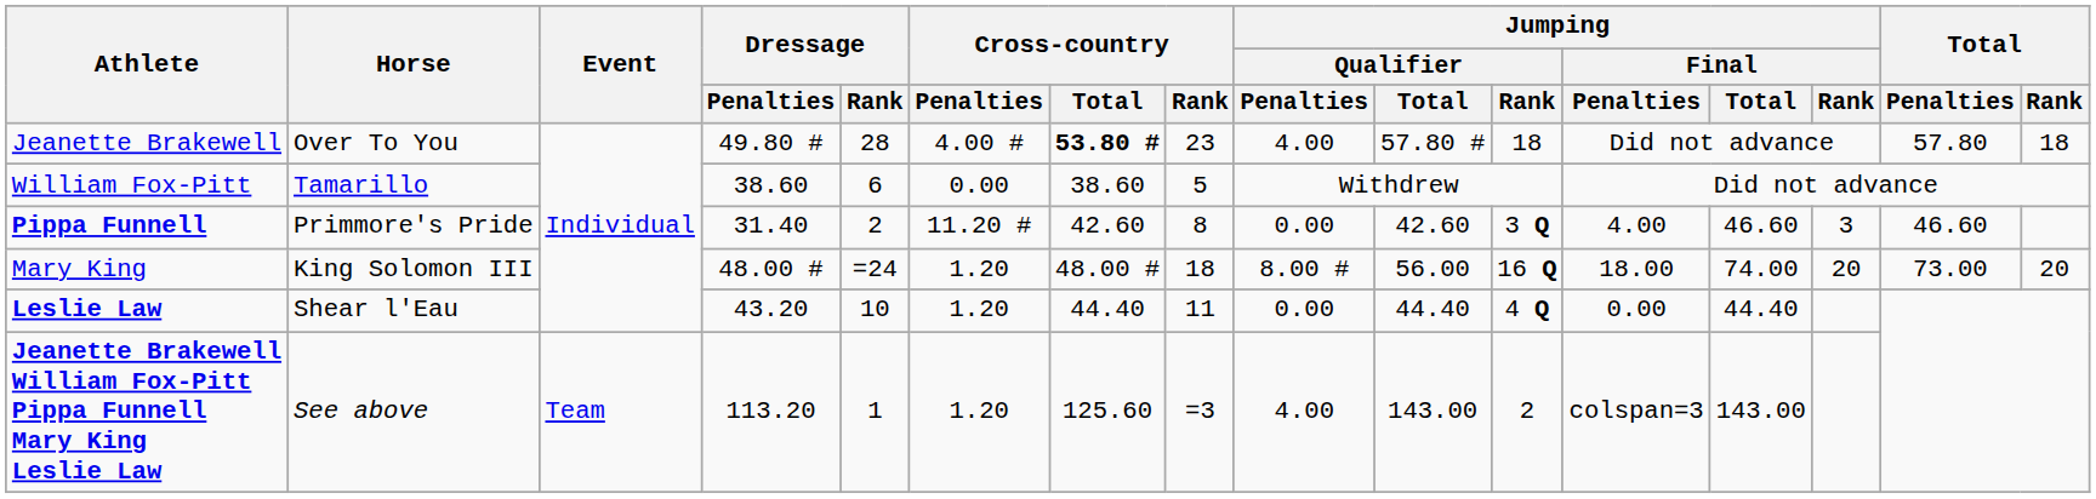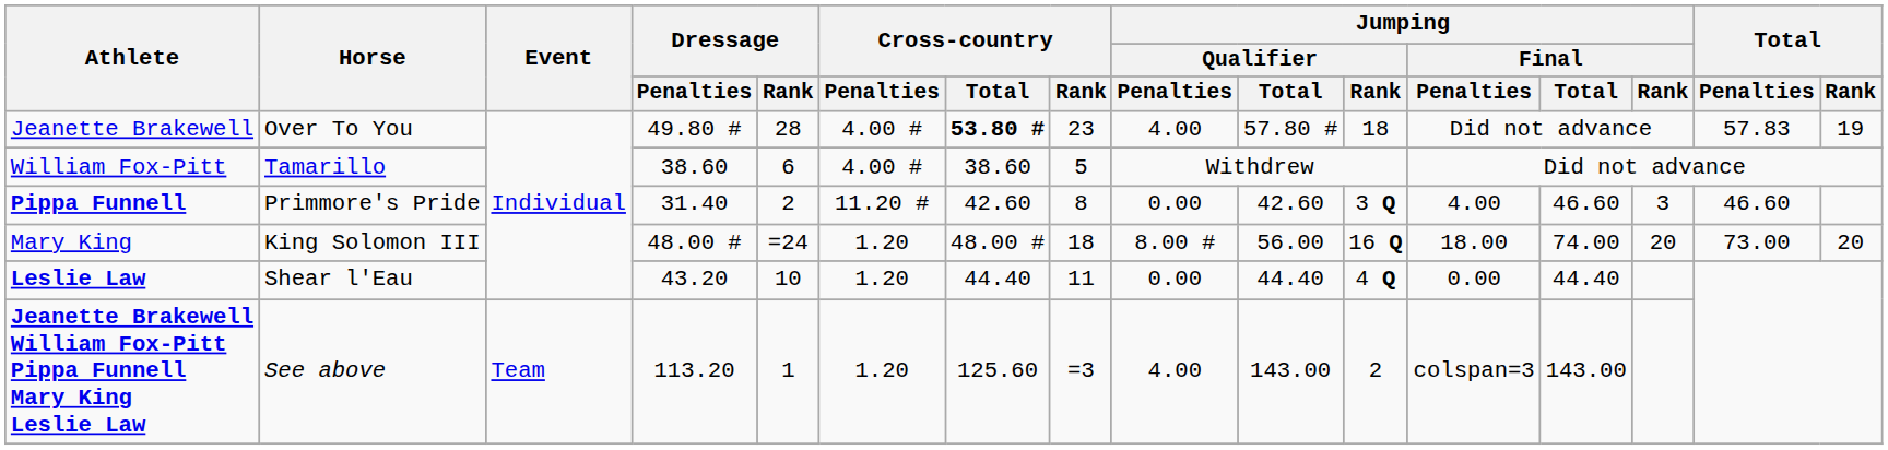 <table class=wikitable style="font-size:90%">
 <tr>
 <th rowspan="3">Athlete</th>
 <th rowspan="3">Horse</th>
 <th rowspan="3">Event</th>
 <th colspan="2" rowspan="2">Dressage</th>
 <th colspan="3" rowspan="2">Cross-country</th>
 <th colspan="6">Jumping</th>
 <th colspan="2" rowspan="2">Total</th>
 </tr>
 <tr style="font-size:95%">
 <th colspan="3">Qualifier</th>
 <th colspan="3">Final</th>
 </tr>
 <tr style="font-size:95%">
 <th>Penalties</th>
 <th>Rank</th>
 <th>Penalties</th>
 <th>Total</th>
 <th>Rank</th>
 <th>Penalties</th>
 <th>Total</th>
 <th>Rank</th>
 <th>Penalties</th>
 <th>Total</th>
 <th>Rank</th>
 <th>Penalties</th>
 <th>Rank</th>
 </tr>
 <tr align=center>
 <td align=left><a href='#'>Jeanette Brakewell</a></td>
 <td align=left>Over To You</td>
 <td align=left rowspan=5><a href='#'>Individual</a></td>
 <td>49.80 #</td>
 <td>28</td>
 <td>4.00 #</td>
 <td><strong>53.80 #</strong></td>
 <td>23</td>
 <td>4.00</td>
 <td>57.80 #</td>
 <td>18</td>
 <td colspan=3>Did not advance</td>
-<td>57.80</td>
-<td>18</td>
+<td>57.83</td>
+<td>19</td>
 </tr>
 <tr align=center>
 <td align=left><a href='#'>William Fox-Pitt</a></td>
 <td align=left><a href='#'>Tamarillo</a></td>
 <td>38.60</td>
 <td>6</td>
-<td>0.00</td>
+<td>4.00 #</td>
 <td>38.60</td>
 <td>5</td>
 <td colspan=3>Withdrew</td>
 <td colspan=5>Did not advance</td>
 </tr>
 <tr align=center>
 <td align=left><strong><a href='#'>Pippa Funnell</a></strong></td>
 <td align=left>Primmore's Pride</td>
 <td>31.40</td>
 <td>2</td>
 <td>11.20 #</td>
 <td>42.60</td>
 <td>8</td>
 <td>0.00</td>
 <td>42.60</td>
 <td>3 <strong>Q</strong></td>
 <td>4.00</td>
 <td>46.60</td>
 <td>3</td>
 <td>46.60</td>
 <td></td>
 </tr>
 <tr align=center>
 <td align=left><a href='#'>Mary King</a></td>
 <td align=left>King Solomon III</td>
 <td>48.00 #</td>
 <td>=24</td>
 <td>1.20</td>
 <td>48.00 #</td>
 <td>18</td>
 <td>8.00 #</td>
 <td>56.00</td>
 <td>16 <strong>Q</strong></td>
 <td>18.00</td>
 <td>74.00</td>
 <td>20</td>
 <td>73.00</td>
 <td>20</td>
 </tr>
 <tr align=center>
 <td align=left><strong><a href='#'>Leslie Law</a></strong></td>
 <td align=left>Shear l'Eau</td>
 <td>43.20</td>
 <td>10</td>
 <td>1.20</td>
 <td>44.40</td>
 <td>11</td>
 <td>0.00</td>
 <td>44.40</td>
 <td>4 <strong>Q</strong></td>
 <td>0.00</td>
 <td>44.40</td>
 <td></td>
 </tr>
 <tr align=center>
 <td align=left><strong><a href='#'>Jeanette Brakewell</a><br><a href='#'>William Fox-Pitt</a><br><a href='#'>Pippa Funnell</a><br><a href='#'>Mary King</a><br><a href='#'>Leslie Law</a></strong></td>
 <td align=left><em>See above</em></td>
 <td align=left><a href='#'>Team</a></td>
 <td>113.20</td>
 <td>1</td>
 <td>1.20</td>
 <td>125.60</td>
 <td>=3</td>
 <td>4.00</td>
 <td>143.00</td>
 <td>2</td>
 <td>colspan=3 </td>
 <td>143.00</td>
 <td></td>
 </tr>
 </table>
